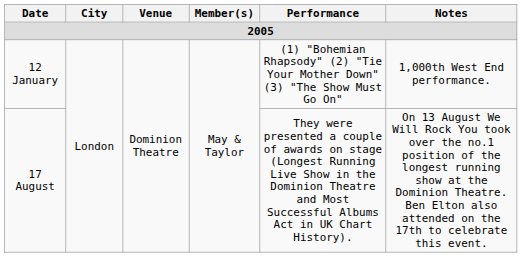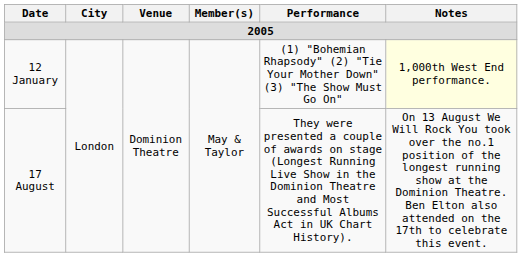 <table class="wikitable" style="text-align:center;">
 <tr>
 <th style="width:100px;">Date</th>
 <th style="width:100px;">City</th>
 <th style="width:100px;">Venue</th>
 <th style="width:100px;">Member(s)</th>
 <th style="width:300px;">Performance</th>
 <th style="width:300px;">Notes</th>
 </tr>
 <tr style="background:#ddd;">
 <td colspan="6"><strong>2005</strong></td>
 </tr>
 <tr>
 <td>12 January</td>
 <td rowspan="2">London</td>
 <td rowspan="2">Dominion Theatre</td>
 <td rowspan="2">May & Taylor</td>
 <td>(1) "Bohemian Rhapsody" (2) "Tie Your Mother Down" (3) "The Show Must Go On"</td>
-<td>1,000th West End performance.</td>
+<td style="background: lightyellow;">1,000th West End performance.</td>
 </tr>
 <tr>
 <td>17 August</td>
 <td>They were presented a couple of awards on stage (Longest Running Live Show in the Dominion Theatre and Most Successful Albums Act in UK Chart History).</td>
 <td>On 13 August We Will Rock You took over the no.1 position of the longest running show at the Dominion Theatre. Ben Elton also attended on the 17th to celebrate this event.</td>
 </tr>
 </table>
